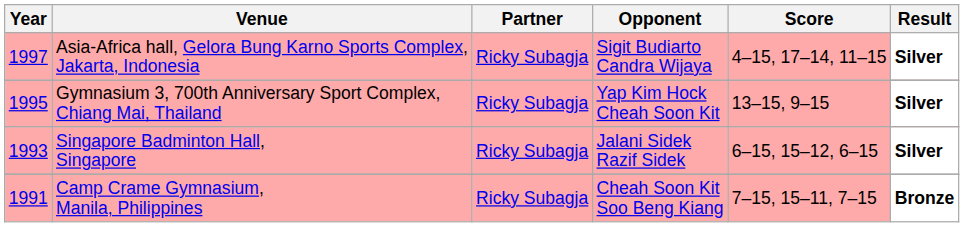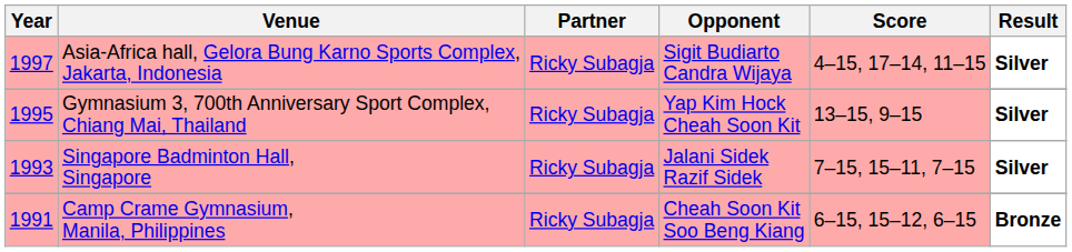 <table class="sortable wikitable" style="font-size: 90%;">
 <tr>
 <th>Year</th>
 <th>Venue</th>
 <th>Partner</th>
 <th>Opponent</th>
 <th>Score</th>
 <th>Result</th>
 </tr>
 <tr style="background:#FFAAAA">
 <td align="center"><a href='#'>1997</a></td>
 <td align="left">Asia-Africa hall, <a href='#'>Gelora Bung Karno Sports Complex</a>,<br><a href='#'>Jakarta, Indonesia</a></td>
 <td align="left"> <a href='#'>Ricky Subagja</a></td>
 <td align="left"> <a href='#'>Sigit Budiarto</a> <br>  <a href='#'>Candra Wijaya</a></td>
 <td align="left">4–15, 17–14, 11–15</td>
 <td style="text-align:left; background:white"> <strong>Silver</strong></td>
 </tr>
 <tr>
 </tr>
 <tr style="background:#FFAAAA">
 <td align="center"><a href='#'>1995</a></td>
 <td align="left">Gymnasium 3, 700th Anniversary Sport Complex,<br><a href='#'>Chiang Mai, Thailand</a></td>
 <td align="left"> <a href='#'>Ricky Subagja</a></td>
 <td align="left"> <a href='#'>Yap Kim Hock</a> <br>  <a href='#'>Cheah Soon Kit</a></td>
 <td align="left">13–15, 9–15</td>
 <td style="text-align:left; background:white"> <strong>Silver</strong></td>
 </tr>
 <tr>
 </tr>
 <tr style="background:#FFAAAA">
 <td align="center"><a href='#'>1993</a></td>
 <td align="left"><a href='#'>Singapore Badminton Hall</a>,<br><a href='#'>Singapore</a></td>
 <td align="left"> <a href='#'>Ricky Subagja</a></td>
 <td align="left"> <a href='#'>Jalani Sidek</a> <br>  <a href='#'>Razif Sidek</a></td>
-<td align="left">6–15, 15–12, 6–15</td>
+<td align="left">7–15, 15–11, 7–15</td>
 <td style="text-align:left; background:white"> <strong>Silver</strong></td>
 </tr>
 <tr>
 </tr>
 <tr style="background:#FFAAAA">
 <td align="center"><a href='#'>1991</a></td>
 <td align="left"><a href='#'>Camp Crame Gymnasium</a>,<br><a href='#'>Manila, Philippines</a></td>
 <td align="left"> <a href='#'>Ricky Subagja</a></td>
 <td align="left"> <a href='#'>Cheah Soon Kit</a> <br>  <a href='#'>Soo Beng Kiang</a></td>
-<td align="left">7–15, 15–11, 7–15</td>
+<td align="left">6–15, 15–12, 6–15</td>
 <td style="text-align:left; background:white"> <strong>Bronze</strong></td>
 </tr>
 </table>
